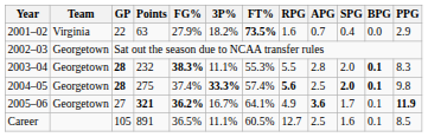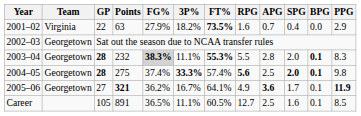 <table class="wikitable">
 <tr>
 <th>Year</th>
 <th>Team</th>
 <th>GP</th>
 <th>Points</th>
 <th>FG%</th>
 <th>3P%</th>
 <th>FT%</th>
 <th>RPG</th>
 <th>APG</th>
 <th>SPG</th>
 <th>BPG</th>
 <th>PPG</th>
 </tr>
 <tr>
 <td>2001–02</td>
 <td>Virginia</td>
 <td>22</td>
 <td>63</td>
 <td>27.9%</td>
 <td>18.2%</td>
 <td><strong>73.5%</strong></td>
 <td>1.6</td>
 <td>0.7</td>
 <td>0.4</td>
 <td>0.0</td>
 <td>2.9</td>
 </tr>
 <tr>
 <td>2002–03</td>
 <td>Georgetown</td>
 <td colspan="10">Sat out the season due to NCAA transfer rules</td>
 </tr>
 <tr>
 <td>2003–04</td>
 <td>Georgetown</td>
 <td><strong>28</strong></td>
 <td>232</td>
-<td><strong>38.3%</strong></td>
+<td style="background: lightgrey;"><strong>38.3%</strong></td>
 <td>11.1%</td>
-<td>55.3%</td>
+<td><strong>55.3%</strong></td>
 <td>5.5</td>
 <td>2.8</td>
 <td>2.0</td>
 <td><strong>0.1</strong></td>
 <td>8.3</td>
 </tr>
 <tr>
 <td>2004–05</td>
 <td>Georgetown</td>
 <td><strong>28</strong></td>
 <td>275</td>
 <td>37.4%</td>
 <td><strong>33.3%</strong></td>
 <td>57.4%</td>
 <td><strong>5.6</strong></td>
 <td>2.5</td>
 <td><strong>2.0</strong></td>
 <td><strong>0.1</strong></td>
 <td>9.8</td>
 </tr>
 <tr>
 <td>2005–06</td>
 <td>Georgetown</td>
 <td>27</td>
 <td><strong>321</strong></td>
-<td><strong>36.2%</strong></td>
+<td>36.2%</td>
 <td>16.7%</td>
 <td>64.1%</td>
 <td>4.9</td>
 <td><strong>3.6</strong></td>
 <td>1.7</td>
 <td>0.1</td>
 <td><strong>11.9</strong></td>
 </tr>
 <tr>
 <td>Career</td>
 <td></td>
 <td>105</td>
 <td>891</td>
 <td>36.5%</td>
 <td>11.1%</td>
 <td>60.5%</td>
 <td>12.7</td>
 <td>2.5</td>
 <td>1.6</td>
 <td>0.1</td>
 <td>8.5</td>
 </tr>
 </table>
